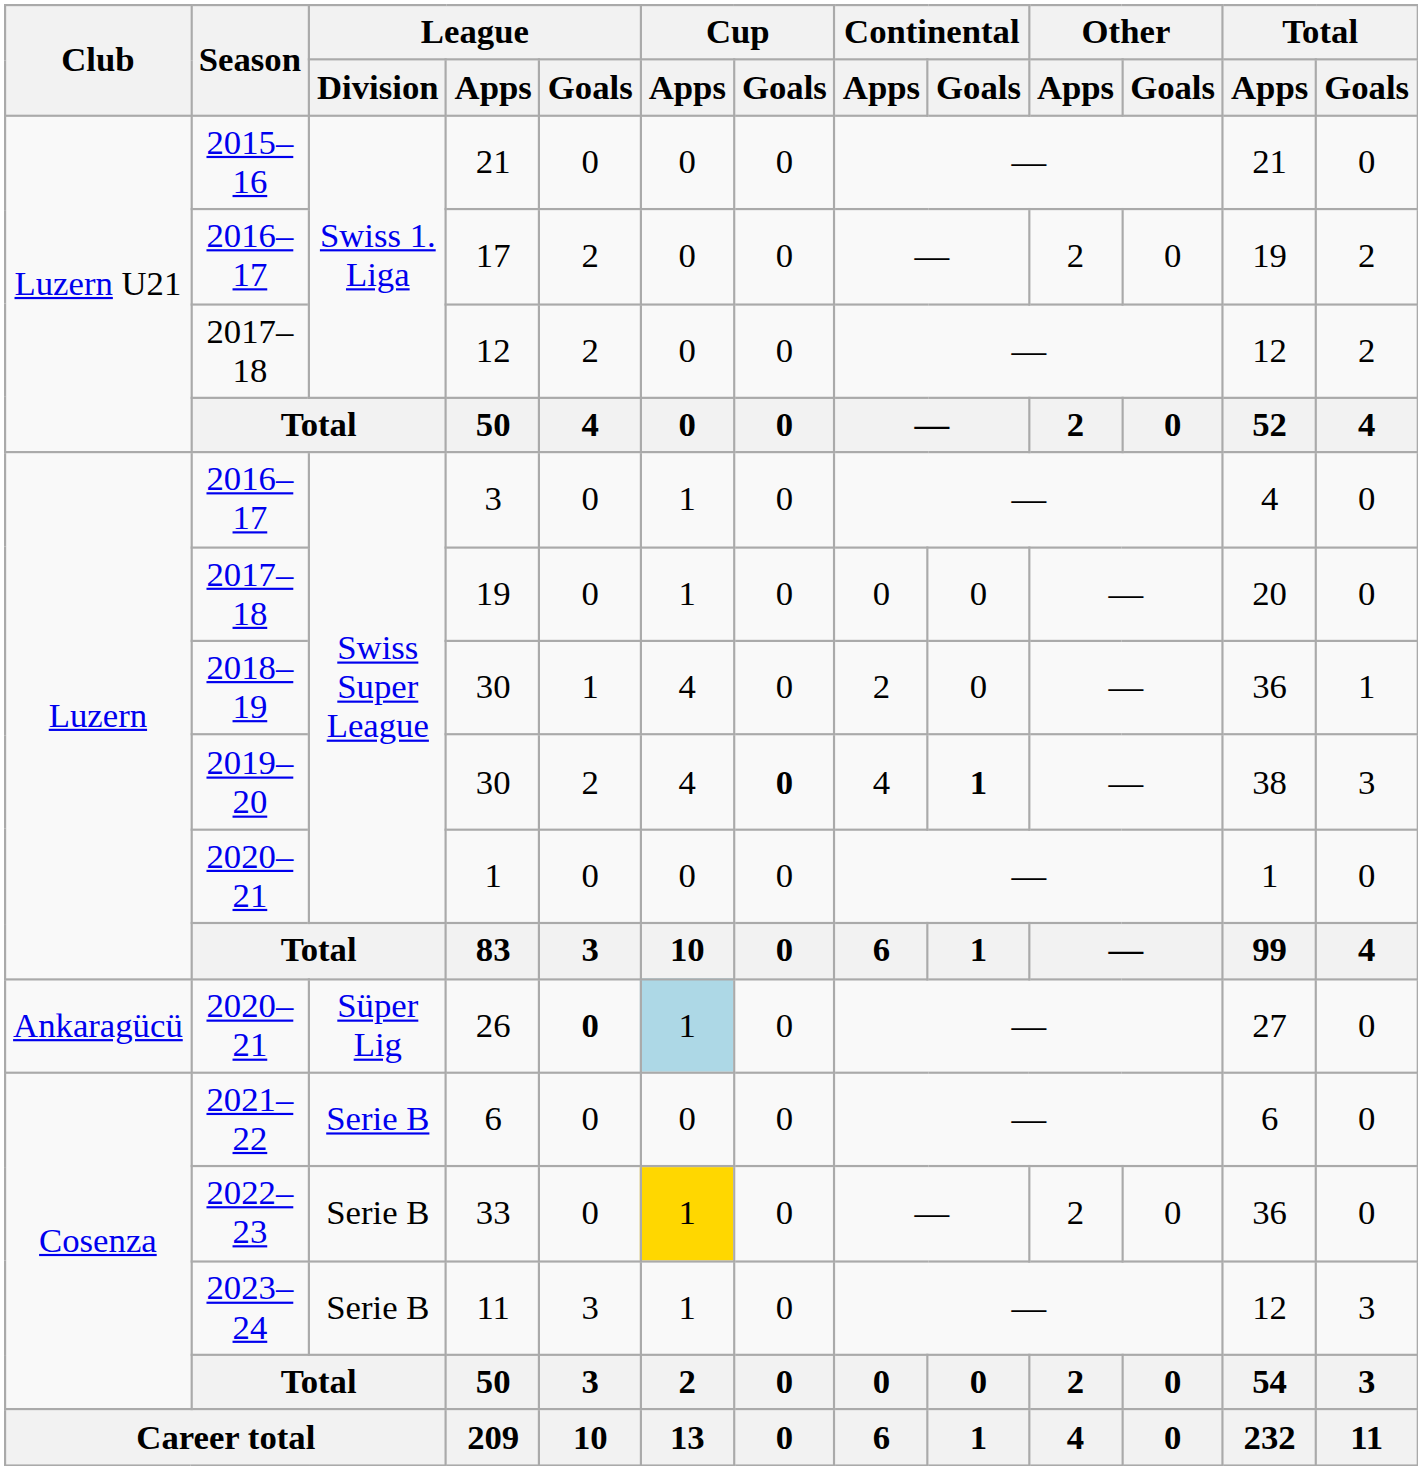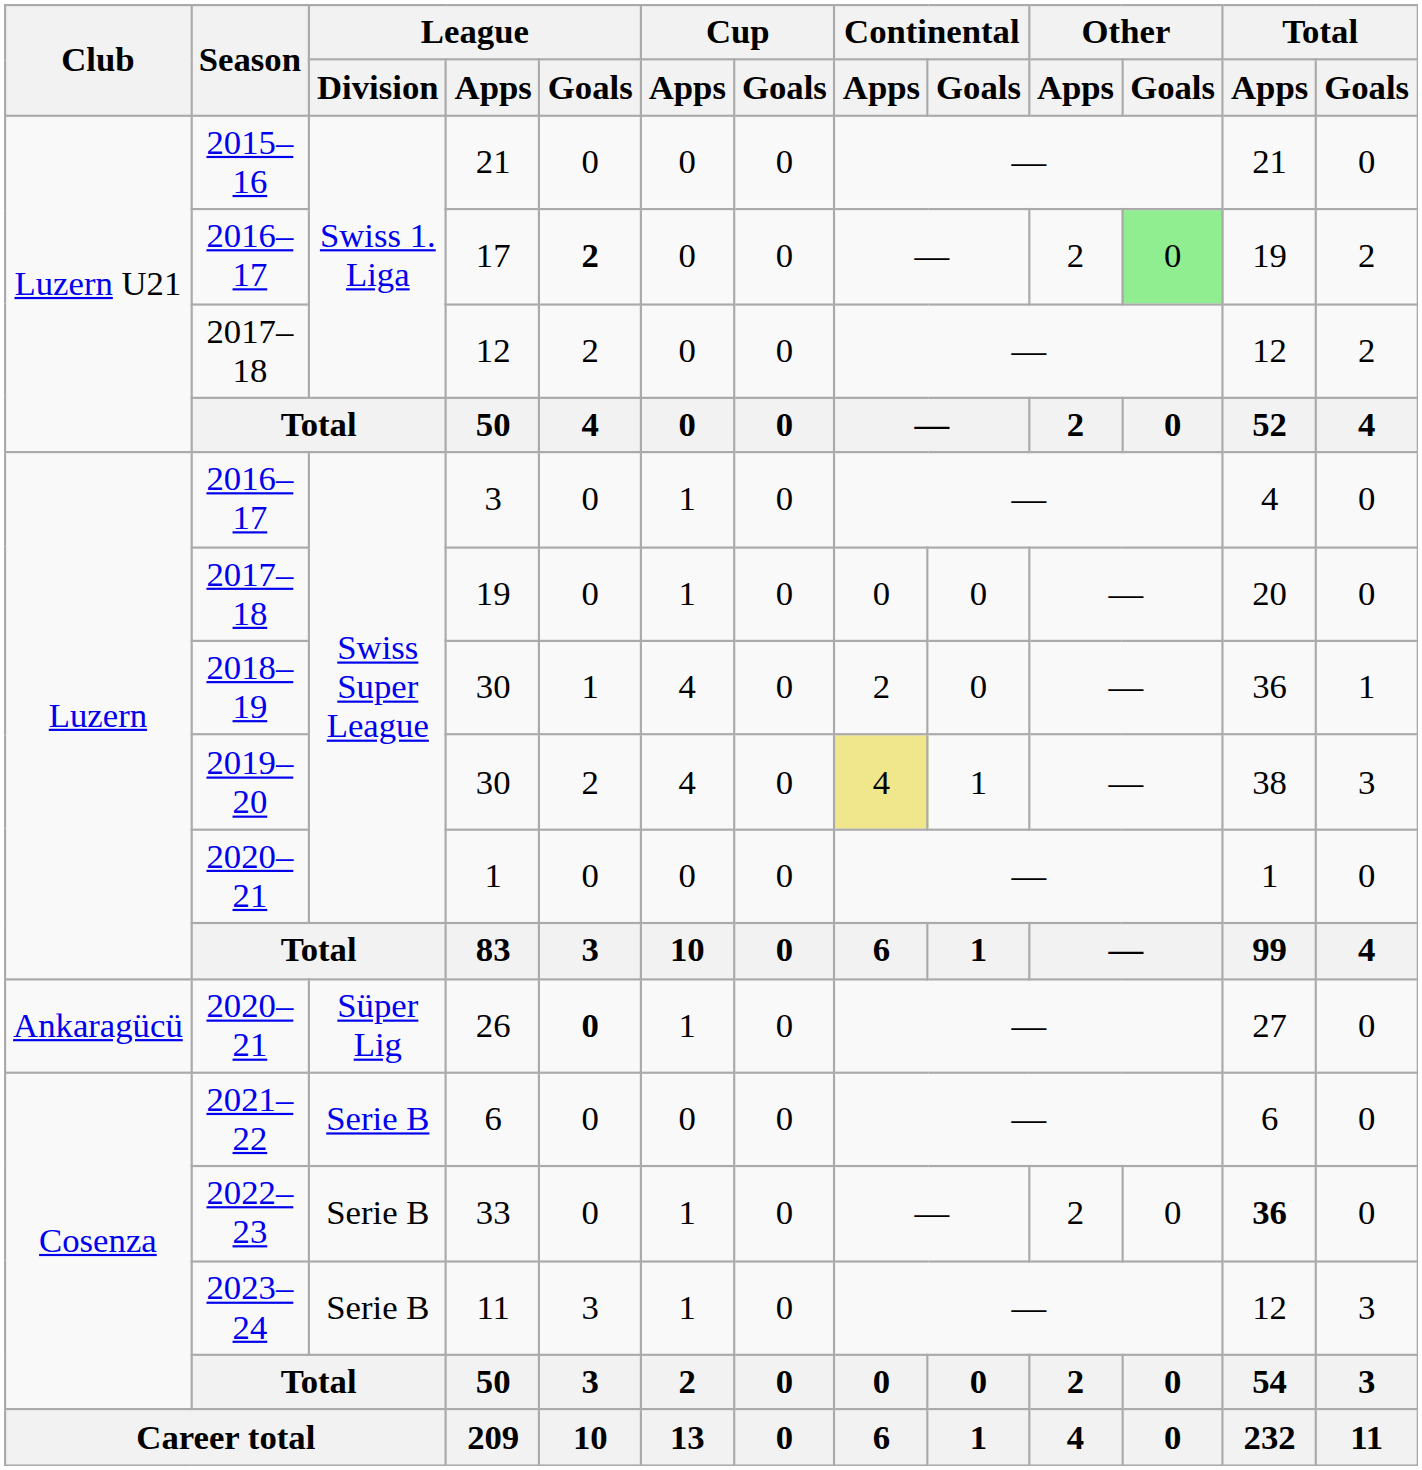 <table class="wikitable" style="text-align: center">
 <tr>
 <th rowspan="2">Club</th>
 <th rowspan="2">Season</th>
 <th colspan="3">League</th>
 <th colspan="2">Cup</th>
 <th colspan="2">Continental</th>
 <th colspan="2">Other</th>
 <th colspan="2">Total</th>
 </tr>
 <tr>
 <th>Division</th>
 <th>Apps</th>
 <th>Goals</th>
 <th>Apps</th>
 <th>Goals</th>
 <th>Apps</th>
 <th>Goals</th>
 <th>Apps</th>
 <th>Goals</th>
 <th>Apps</th>
 <th>Goals</th>
 </tr>
 <tr>
 <td rowspan="4"><a href='#'>Luzern</a> U21</td>
 <td><a href='#'>2015–16</a></td>
 <td rowspan="3"><a href='#'>Swiss 1. Liga</a></td>
 <td>21</td>
 <td>0</td>
 <td>0</td>
 <td>0</td>
 <td colspan="4">—</td>
 <td>21</td>
 <td>0</td>
 </tr>
 <tr>
 <td><a href='#'>2016–17</a></td>
 <td>17</td>
-<td>2</td>
+<td><strong>2</strong></td>
 <td>0</td>
 <td>0</td>
 <td colspan="2">—</td>
 <td>2</td>
-<td>0</td>
+<td style="background: lightgreen;">0</td>
 <td>19</td>
 <td>2</td>
 </tr>
 <tr>
 <td>2017–18</td>
 <td>12</td>
 <td>2</td>
 <td>0</td>
 <td>0</td>
 <td colspan="4">—</td>
 <td>12</td>
 <td>2</td>
 </tr>
 <tr>
 <th colspan="2">Total</th>
 <th>50</th>
 <th>4</th>
 <th>0</th>
 <th>0</th>
 <th colspan="2">—</th>
 <th>2</th>
 <th>0</th>
 <th>52</th>
 <th>4</th>
 </tr>
 <tr>
 <td rowspan="6"><a href='#'>Luzern</a></td>
 <td><a href='#'>2016–17</a></td>
 <td rowspan="5"><a href='#'>Swiss Super League</a></td>
 <td>3</td>
 <td>0</td>
 <td>1</td>
 <td>0</td>
 <td colspan="4">—</td>
 <td>4</td>
 <td>0</td>
 </tr>
 <tr>
 <td><a href='#'>2017–18</a></td>
 <td>19</td>
 <td>0</td>
 <td>1</td>
 <td>0</td>
 <td>0</td>
 <td>0</td>
 <td colspan="2">—</td>
 <td>20</td>
 <td>0</td>
 </tr>
 <tr>
 <td><a href='#'>2018–19</a></td>
 <td>30</td>
 <td>1</td>
 <td>4</td>
 <td>0</td>
 <td>2</td>
 <td>0</td>
 <td colspan="2">—</td>
 <td>36</td>
 <td>1</td>
 </tr>
 <tr>
 <td><a href='#'>2019–20</a></td>
 <td>30</td>
 <td>2</td>
 <td>4</td>
-<td><strong>0</strong></td>
-<td>4</td>
-<td><strong>1</strong></td>
+<td>0</td>
+<td style="background: khaki;">4</td>
+<td>1</td>
 <td colspan="2">—</td>
 <td>38</td>
 <td>3</td>
 </tr>
 <tr>
 <td><a href='#'>2020–21</a></td>
 <td>1</td>
 <td>0</td>
 <td>0</td>
 <td>0</td>
 <td colspan="4">—</td>
 <td>1</td>
 <td>0</td>
 </tr>
 <tr>
 <th colspan="2">Total</th>
 <th>83</th>
 <th>3</th>
 <th>10</th>
 <th>0</th>
 <th>6</th>
 <th>1</th>
 <th colspan="2">—</th>
 <th>99</th>
 <th>4</th>
 </tr>
 <tr>
 <td><a href='#'>Ankaragücü</a></td>
 <td><a href='#'>2020–21</a></td>
 <td><a href='#'>Süper Lig</a></td>
 <td>26</td>
 <td><strong>0</strong></td>
-<td style="background: lightblue;">1</td>
+<td>1</td>
 <td>0</td>
 <td colspan="4">—</td>
 <td>27</td>
 <td>0</td>
 </tr>
 <tr>
 <td rowspan="4"><a href='#'>Cosenza</a></td>
 <td><a href='#'>2021–22</a></td>
 <td><a href='#'>Serie B</a></td>
 <td>6</td>
 <td>0</td>
 <td>0</td>
 <td>0</td>
 <td colspan="4">—</td>
 <td>6</td>
 <td>0</td>
 </tr>
 <tr>
 <td><a href='#'>2022–23</a></td>
 <td>Serie B</td>
 <td>33</td>
 <td>0</td>
-<td style="background: gold;">1</td>
+<td>1</td>
 <td>0</td>
 <td colspan="2">—</td>
 <td>2</td>
 <td>0</td>
-<td>36</td>
+<td><strong>36</strong></td>
 <td>0</td>
 </tr>
 <tr>
 <td><a href='#'>2023–24</a></td>
 <td>Serie B</td>
 <td>11</td>
 <td>3</td>
 <td>1</td>
 <td>0</td>
 <td colspan="4">—</td>
 <td>12</td>
 <td>3</td>
 </tr>
 <tr>
 <th colspan="2">Total</th>
 <th>50</th>
 <th>3</th>
 <th>2</th>
 <th>0</th>
 <th>0</th>
 <th>0</th>
 <th>2</th>
 <th>0</th>
 <th>54</th>
 <th>3</th>
 </tr>
 <tr>
 <th colspan="3">Career total</th>
 <th>209</th>
 <th>10</th>
 <th>13</th>
 <th>0</th>
 <th>6</th>
 <th>1</th>
 <th>4</th>
 <th>0</th>
 <th>232</th>
 <th>11</th>
 </tr>
 </table>
